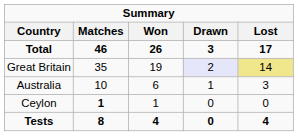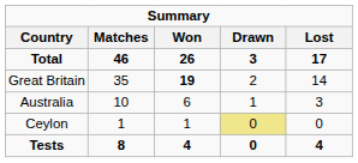 <table class="wikitable" style="text-align:center">
 <tr>
 <td colspan=5><strong>Summary</strong></td>
 </tr>
 <tr>
 <th>Country</th>
 <th width="70">Matches</th>
 <th width="70">Won</th>
 <th width="70">Drawn</th>
 <th width="70">Lost</th>
 </tr>
 <tr>
 <td><strong>Total</strong></td>
 <td><strong>46</strong></td>
 <td><strong>26</strong></td>
 <td><strong>3</strong></td>
 <td><strong>17</strong></td>
 </tr>
 <tr>
 <td>Great Britain</td>
 <td>35</td>
-<td>19</td>
-<td style="background: lavender;">2</td>
-<td style="background: khaki;">14</td>
+<td><strong>19</strong></td>
+<td>2</td>
+<td>14</td>
 </tr>
 <tr>
 <td>Australia</td>
 <td>10</td>
 <td>6</td>
 <td>1</td>
 <td>3</td>
 </tr>
 <tr>
 <td>Ceylon</td>
-<td><strong>1</strong></td>
 <td>1</td>
-<td>0</td>
+<td>1</td>
+<td style="background: khaki;">0</td>
 <td>0</td>
 </tr>
 <tr>
 <td><strong>Tests</strong></td>
 <td><strong>8</strong></td>
 <td><strong>4</strong></td>
 <td><strong>0</strong></td>
 <td><strong>4</strong></td>
 </tr>
 </table>
